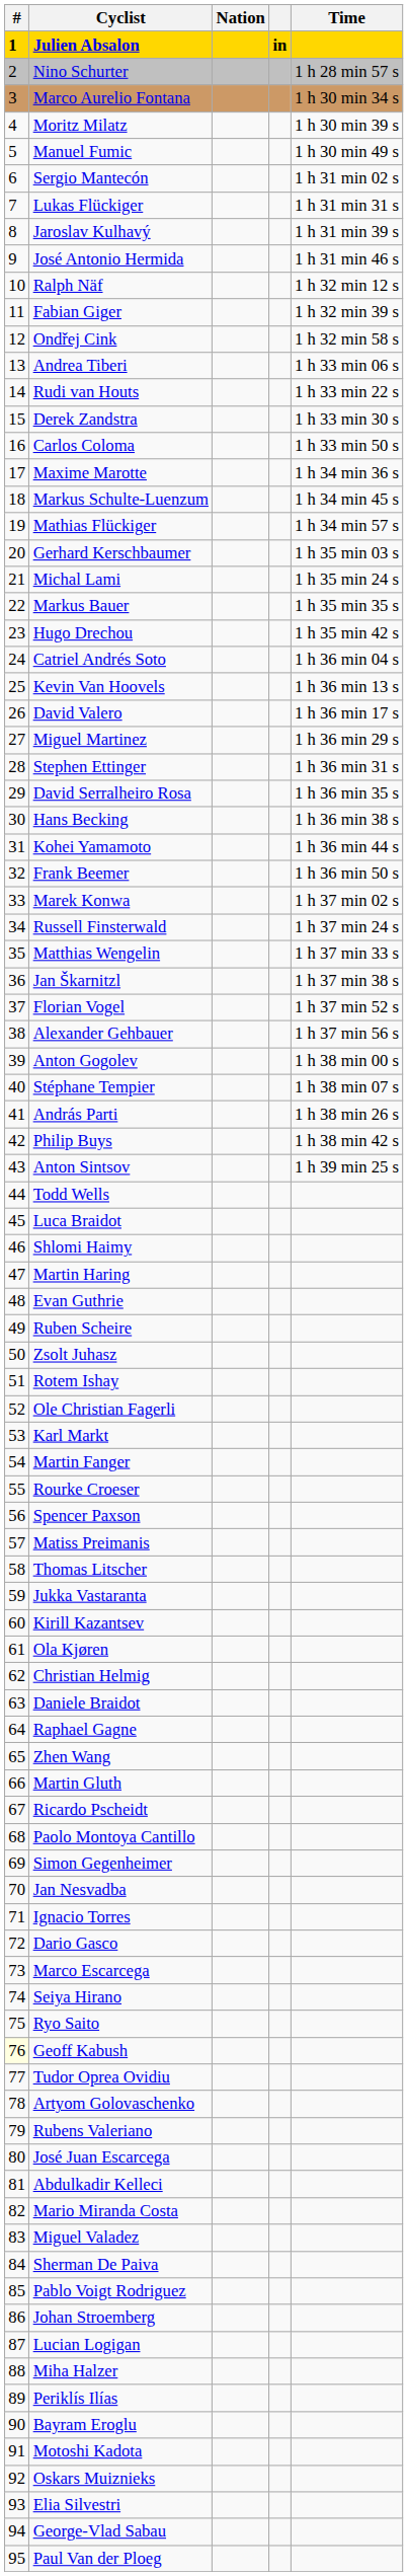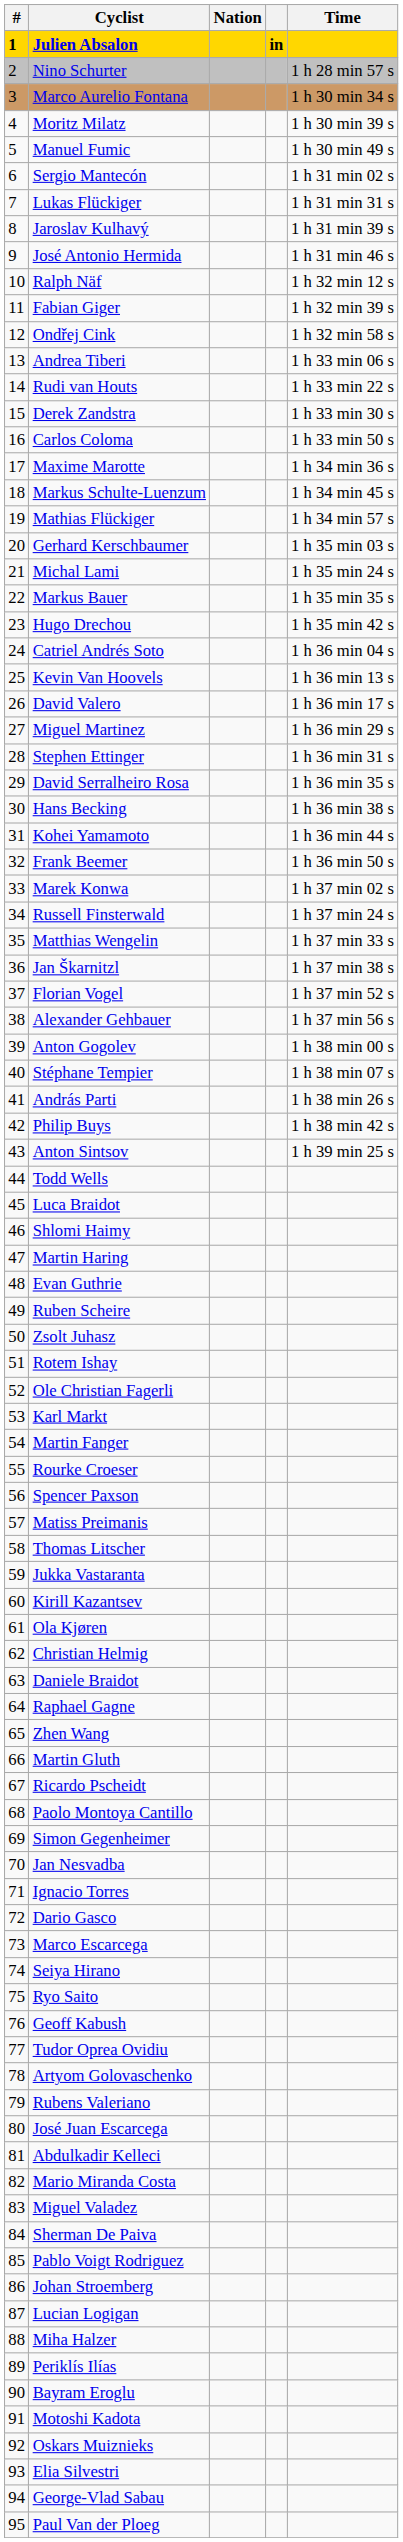 <table class="wikitable">
 <tr>
 <th>#</th>
 <th>Cyclist</th>
 <th>Nation</th>
 <th></th>
 <th>Time</th>
 </tr>
 <tr bgcolor="gold">
 <td><strong>1</strong></td>
 <td><strong><a href='#'>Julien Absalon</a></strong></td>
 <td><strong></strong></td>
 <td><strong>in</strong></td>
 <td align=right><strong></strong></td>
 </tr>
 <tr bgcolor="silver">
 <td>2</td>
 <td><a href='#'>Nino Schurter</a></td>
 <td></td>
 <td></td>
 <td align=right>1 h 28 min 57 s</td>
 </tr>
 <tr bgcolor="CC9966">
 <td>3</td>
 <td><a href='#'>Marco Aurelio Fontana</a></td>
 <td></td>
 <td></td>
 <td align=right>1 h 30 min 34 s</td>
 </tr>
 <tr>
 <td>4</td>
 <td><a href='#'>Moritz Milatz</a></td>
 <td></td>
 <td></td>
 <td align=right>1 h 30 min 39 s</td>
 </tr>
 <tr>
 <td>5</td>
 <td><a href='#'>Manuel Fumic</a></td>
 <td></td>
 <td></td>
 <td align=right>1 h 30 min 49 s</td>
 </tr>
 <tr>
 <td>6</td>
 <td><a href='#'>Sergio Mantecón</a></td>
 <td></td>
 <td></td>
 <td align=right>1 h 31 min 02 s</td>
 </tr>
 <tr>
 <td>7</td>
 <td><a href='#'>Lukas Flückiger</a></td>
 <td></td>
 <td></td>
 <td align=right>1 h 31 min 31 s</td>
 </tr>
 <tr>
 <td>8</td>
 <td><a href='#'>Jaroslav Kulhavý</a></td>
 <td></td>
 <td></td>
 <td align=right>1 h 31 min 39 s</td>
 </tr>
 <tr>
 <td>9</td>
 <td><a href='#'>José Antonio Hermida</a></td>
 <td></td>
 <td></td>
 <td align=right>1 h 31 min 46 s</td>
 </tr>
 <tr>
 <td>10</td>
 <td><a href='#'>Ralph Näf</a></td>
 <td></td>
 <td></td>
 <td align=right>1 h 32 min 12 s</td>
 </tr>
 <tr>
 <td>11</td>
 <td><a href='#'>Fabian Giger</a></td>
 <td></td>
 <td></td>
 <td align=right>1 h 32 min 39 s</td>
 </tr>
 <tr>
 <td>12</td>
 <td><a href='#'>Ondřej Cink</a></td>
 <td></td>
 <td></td>
 <td align=right>1 h 32 min 58 s</td>
 </tr>
 <tr>
 <td>13</td>
 <td><a href='#'>Andrea Tiberi</a></td>
 <td></td>
 <td></td>
 <td align=right>1 h 33 min 06 s</td>
 </tr>
 <tr>
 <td>14</td>
 <td><a href='#'>Rudi van Houts</a></td>
 <td></td>
 <td></td>
 <td align=right>1 h 33 min 22 s</td>
 </tr>
 <tr>
 <td>15</td>
 <td><a href='#'>Derek Zandstra</a></td>
 <td></td>
 <td></td>
 <td align=right>1 h 33 min 30 s</td>
 </tr>
 <tr>
 <td>16</td>
 <td><a href='#'>Carlos Coloma</a></td>
 <td></td>
 <td></td>
 <td align=right>1 h 33 min 50 s</td>
 </tr>
 <tr>
 <td>17</td>
 <td><a href='#'>Maxime Marotte</a></td>
 <td></td>
 <td></td>
 <td align=right>1 h 34 min 36 s</td>
 </tr>
 <tr>
 <td>18</td>
 <td><a href='#'>Markus Schulte-Luenzum</a></td>
 <td></td>
 <td></td>
 <td align=right>1 h 34 min 45 s</td>
 </tr>
 <tr>
 <td>19</td>
 <td><a href='#'>Mathias Flückiger</a></td>
 <td></td>
 <td></td>
 <td align=right>1 h 34 min 57 s</td>
 </tr>
 <tr>
 <td>20</td>
 <td><a href='#'>Gerhard Kerschbaumer</a></td>
 <td></td>
 <td></td>
 <td align=right>1 h 35 min 03 s</td>
 </tr>
 <tr>
 <td>21</td>
 <td><a href='#'>Michal Lami</a></td>
 <td></td>
 <td></td>
 <td align=right>1 h 35 min 24 s</td>
 </tr>
 <tr>
 <td>22</td>
 <td><a href='#'>Markus Bauer</a></td>
 <td></td>
 <td></td>
 <td align=right>1 h 35 min 35 s</td>
 </tr>
 <tr>
 <td>23</td>
 <td><a href='#'>Hugo Drechou</a></td>
 <td></td>
 <td></td>
 <td align=right>1 h 35 min 42 s</td>
 </tr>
 <tr>
 <td>24</td>
 <td><a href='#'>Catriel Andrés Soto</a></td>
 <td></td>
 <td></td>
 <td align=right>1 h 36 min 04 s</td>
 </tr>
 <tr>
 <td>25</td>
 <td><a href='#'>Kevin Van Hoovels</a></td>
 <td></td>
 <td></td>
 <td align=right>1 h 36 min 13 s</td>
 </tr>
 <tr>
 <td>26</td>
 <td><a href='#'>David Valero</a></td>
 <td></td>
 <td></td>
 <td align=right>1 h 36 min 17 s</td>
 </tr>
 <tr>
 <td>27</td>
 <td><a href='#'>Miguel Martinez</a></td>
 <td></td>
 <td></td>
 <td align=right>1 h 36 min 29 s</td>
 </tr>
 <tr>
 <td>28</td>
 <td><a href='#'>Stephen Ettinger</a></td>
 <td></td>
 <td></td>
 <td align=right>1 h 36 min 31 s</td>
 </tr>
 <tr>
 <td>29</td>
 <td><a href='#'>David Serralheiro Rosa</a></td>
 <td></td>
 <td></td>
 <td align=right>1 h 36 min 35 s</td>
 </tr>
 <tr>
 <td>30</td>
 <td><a href='#'>Hans Becking</a></td>
 <td></td>
 <td></td>
 <td align=right>1 h 36 min 38 s</td>
 </tr>
 <tr>
 <td>31</td>
 <td><a href='#'>Kohei Yamamoto</a></td>
 <td></td>
 <td></td>
 <td align=right>1 h 36 min 44 s</td>
 </tr>
 <tr>
 <td>32</td>
 <td><a href='#'>Frank Beemer</a></td>
 <td></td>
 <td></td>
 <td align=right>1 h 36 min 50 s</td>
 </tr>
 <tr>
 <td>33</td>
 <td><a href='#'>Marek Konwa</a></td>
 <td></td>
 <td></td>
 <td align=right>1 h 37 min 02 s</td>
 </tr>
 <tr>
 <td>34</td>
 <td><a href='#'>Russell Finsterwald</a></td>
 <td></td>
 <td></td>
 <td align=right>1 h 37 min 24 s</td>
 </tr>
 <tr>
 <td>35</td>
 <td><a href='#'>Matthias Wengelin</a></td>
 <td></td>
 <td></td>
 <td align=right>1 h 37 min 33 s</td>
 </tr>
 <tr>
 <td>36</td>
 <td><a href='#'>Jan Škarnitzl</a></td>
 <td></td>
 <td></td>
 <td align=right>1 h 37 min 38 s</td>
 </tr>
 <tr>
 <td>37</td>
 <td><a href='#'>Florian Vogel</a></td>
 <td></td>
 <td></td>
 <td align=right>1 h 37 min 52 s</td>
 </tr>
 <tr>
 <td>38</td>
 <td><a href='#'>Alexander Gehbauer</a></td>
 <td></td>
 <td></td>
 <td align=right>1 h 37 min 56 s</td>
 </tr>
 <tr>
 <td>39</td>
 <td><a href='#'>Anton Gogolev</a></td>
 <td></td>
 <td></td>
 <td align=right>1 h 38 min 00 s</td>
 </tr>
 <tr>
 <td>40</td>
 <td><a href='#'>Stéphane Tempier</a></td>
 <td></td>
 <td></td>
 <td align=right>1 h 38 min 07 s</td>
 </tr>
 <tr>
 <td>41</td>
 <td><a href='#'>András Parti</a></td>
 <td></td>
 <td></td>
 <td align=right>1 h 38 min 26 s</td>
 </tr>
 <tr>
 <td>42</td>
 <td><a href='#'>Philip Buys</a></td>
 <td></td>
 <td></td>
 <td align=right>1 h 38 min 42 s</td>
 </tr>
 <tr>
 <td>43</td>
 <td><a href='#'>Anton Sintsov</a></td>
 <td></td>
 <td></td>
 <td align=right>1 h 39 min 25 s</td>
 </tr>
 <tr>
 <td>44</td>
 <td><a href='#'>Todd Wells</a></td>
 <td></td>
 <td></td>
 <td></td>
 </tr>
 <tr>
 <td>45</td>
 <td><a href='#'>Luca Braidot</a></td>
 <td></td>
 <td></td>
 <td></td>
 </tr>
 <tr>
 <td>46</td>
 <td><a href='#'>Shlomi Haimy</a></td>
 <td></td>
 <td></td>
 <td></td>
 </tr>
 <tr>
 <td>47</td>
 <td><a href='#'>Martin Haring</a></td>
 <td></td>
 <td></td>
 <td></td>
 </tr>
 <tr>
 <td>48</td>
 <td><a href='#'>Evan Guthrie</a></td>
 <td></td>
 <td></td>
 <td></td>
 </tr>
 <tr>
 <td>49</td>
 <td><a href='#'>Ruben Scheire</a></td>
 <td></td>
 <td></td>
 <td></td>
 </tr>
 <tr>
 <td>50</td>
 <td><a href='#'>Zsolt Juhasz</a></td>
 <td></td>
 <td></td>
 <td></td>
 </tr>
 <tr>
 <td>51</td>
 <td><a href='#'>Rotem Ishay</a></td>
 <td></td>
 <td></td>
 <td></td>
 </tr>
 <tr>
 <td>52</td>
 <td><a href='#'>Ole Christian Fagerli</a></td>
 <td></td>
 <td></td>
 <td></td>
 </tr>
 <tr>
 <td>53</td>
 <td><a href='#'>Karl Markt</a></td>
 <td></td>
 <td></td>
 <td></td>
 </tr>
 <tr>
 <td>54</td>
 <td><a href='#'>Martin Fanger</a></td>
 <td></td>
 <td></td>
 <td></td>
 </tr>
 <tr>
 <td>55</td>
 <td><a href='#'>Rourke Croeser</a></td>
 <td></td>
 <td></td>
 <td></td>
 </tr>
 <tr>
 <td>56</td>
 <td><a href='#'>Spencer Paxson</a></td>
 <td></td>
 <td></td>
 <td></td>
 </tr>
 <tr>
 <td>57</td>
 <td><a href='#'>Matiss Preimanis</a></td>
 <td></td>
 <td></td>
 <td></td>
 </tr>
 <tr>
 <td>58</td>
 <td><a href='#'>Thomas Litscher</a></td>
 <td></td>
 <td></td>
 <td></td>
 </tr>
 <tr>
 <td>59</td>
 <td><a href='#'>Jukka Vastaranta</a></td>
 <td></td>
 <td></td>
 <td></td>
 </tr>
 <tr>
 <td>60</td>
 <td><a href='#'>Kirill Kazantsev</a></td>
 <td></td>
 <td></td>
 <td></td>
 </tr>
 <tr>
 <td>61</td>
 <td><a href='#'>Ola Kjøren</a></td>
 <td></td>
 <td></td>
 <td></td>
 </tr>
 <tr>
 <td>62</td>
 <td><a href='#'>Christian Helmig</a></td>
 <td></td>
 <td></td>
 <td></td>
 </tr>
 <tr>
 <td>63</td>
 <td><a href='#'>Daniele Braidot</a></td>
 <td></td>
 <td></td>
 <td></td>
 </tr>
 <tr>
 <td>64</td>
 <td><a href='#'>Raphael Gagne</a></td>
 <td></td>
 <td></td>
 <td></td>
 </tr>
 <tr>
 <td>65</td>
 <td><a href='#'>Zhen Wang</a></td>
 <td></td>
 <td></td>
 <td></td>
 </tr>
 <tr>
 <td>66</td>
 <td><a href='#'>Martin Gluth</a></td>
 <td></td>
 <td></td>
 <td></td>
 </tr>
 <tr>
 <td>67</td>
 <td><a href='#'>Ricardo Pscheidt</a></td>
 <td></td>
 <td></td>
 <td></td>
 </tr>
 <tr>
 <td>68</td>
 <td><a href='#'>Paolo Montoya Cantillo</a></td>
 <td></td>
 <td></td>
 <td></td>
 </tr>
 <tr>
 <td>69</td>
 <td><a href='#'>Simon Gegenheimer</a></td>
 <td></td>
 <td></td>
 <td></td>
 </tr>
 <tr>
 <td>70</td>
 <td><a href='#'>Jan Nesvadba</a></td>
 <td></td>
 <td></td>
 <td></td>
 </tr>
 <tr>
 <td>71</td>
 <td><a href='#'>Ignacio Torres</a></td>
 <td></td>
 <td></td>
 <td></td>
 </tr>
 <tr>
 <td>72</td>
 <td><a href='#'>Dario Gasco</a></td>
 <td></td>
 <td></td>
 <td></td>
 </tr>
 <tr>
 <td>73</td>
 <td><a href='#'>Marco Escarcega</a></td>
 <td></td>
 <td></td>
 <td></td>
 </tr>
 <tr>
 <td>74</td>
 <td><a href='#'>Seiya Hirano</a></td>
 <td></td>
 <td></td>
 <td></td>
 </tr>
 <tr>
 <td>75</td>
 <td><a href='#'>Ryo Saito</a></td>
 <td></td>
 <td></td>
 <td></td>
 </tr>
 <tr>
-<td style="background: lightyellow;">76</td>
+<td>76</td>
 <td><a href='#'>Geoff Kabush</a></td>
 <td></td>
 <td></td>
 <td></td>
 </tr>
 <tr>
 <td>77</td>
 <td><a href='#'>Tudor Oprea Ovidiu</a></td>
 <td></td>
 <td></td>
 <td></td>
 </tr>
 <tr>
 <td>78</td>
 <td><a href='#'>Artyom Golovaschenko</a></td>
 <td></td>
 <td></td>
 <td></td>
 </tr>
 <tr>
 <td>79</td>
 <td><a href='#'>Rubens Valeriano</a></td>
 <td></td>
 <td></td>
 <td></td>
 </tr>
 <tr>
 <td>80</td>
 <td><a href='#'>José Juan Escarcega</a></td>
 <td></td>
 <td></td>
 <td></td>
 </tr>
 <tr>
 <td>81</td>
 <td><a href='#'>Abdulkadir Kelleci</a></td>
 <td></td>
 <td></td>
 <td></td>
 </tr>
 <tr>
 <td>82</td>
 <td><a href='#'>Mario Miranda Costa</a></td>
 <td></td>
 <td></td>
 <td></td>
 </tr>
 <tr>
 <td>83</td>
 <td><a href='#'>Miguel Valadez</a></td>
 <td></td>
 <td></td>
 <td></td>
 </tr>
 <tr>
 <td>84</td>
 <td><a href='#'>Sherman De Paiva</a></td>
 <td></td>
 <td></td>
 <td></td>
 </tr>
 <tr>
 <td>85</td>
 <td><a href='#'>Pablo Voigt Rodriguez</a></td>
 <td></td>
 <td></td>
 <td></td>
 </tr>
 <tr>
 <td>86</td>
 <td><a href='#'>Johan Stroemberg</a></td>
 <td></td>
 <td></td>
 <td></td>
 </tr>
 <tr>
 <td>87</td>
 <td><a href='#'>Lucian Logigan</a></td>
 <td></td>
 <td></td>
 <td></td>
 </tr>
 <tr>
 <td>88</td>
 <td><a href='#'>Miha Halzer</a></td>
 <td></td>
 <td></td>
 <td></td>
 </tr>
 <tr>
 <td>89</td>
 <td><a href='#'>Periklís Ilías</a></td>
 <td></td>
 <td></td>
 <td></td>
 </tr>
 <tr>
 <td>90</td>
 <td><a href='#'>Bayram Eroglu</a></td>
 <td></td>
 <td></td>
 <td></td>
 </tr>
 <tr>
 <td>91</td>
 <td><a href='#'>Motoshi Kadota</a></td>
 <td></td>
 <td></td>
 <td></td>
 </tr>
 <tr>
 <td>92</td>
 <td><a href='#'>Oskars Muiznieks</a></td>
 <td></td>
 <td></td>
 <td></td>
 </tr>
 <tr>
 <td>93</td>
 <td><a href='#'>Elia Silvestri</a></td>
 <td></td>
 <td></td>
 <td></td>
 </tr>
 <tr>
 <td>94</td>
 <td><a href='#'>George-Vlad Sabau</a></td>
 <td></td>
 <td></td>
 <td></td>
 </tr>
 <tr>
 <td>95</td>
 <td><a href='#'>Paul Van der Ploeg</a></td>
 <td></td>
 <td></td>
 <td></td>
 </tr>
 <tr>
 </tr>
 </table>
